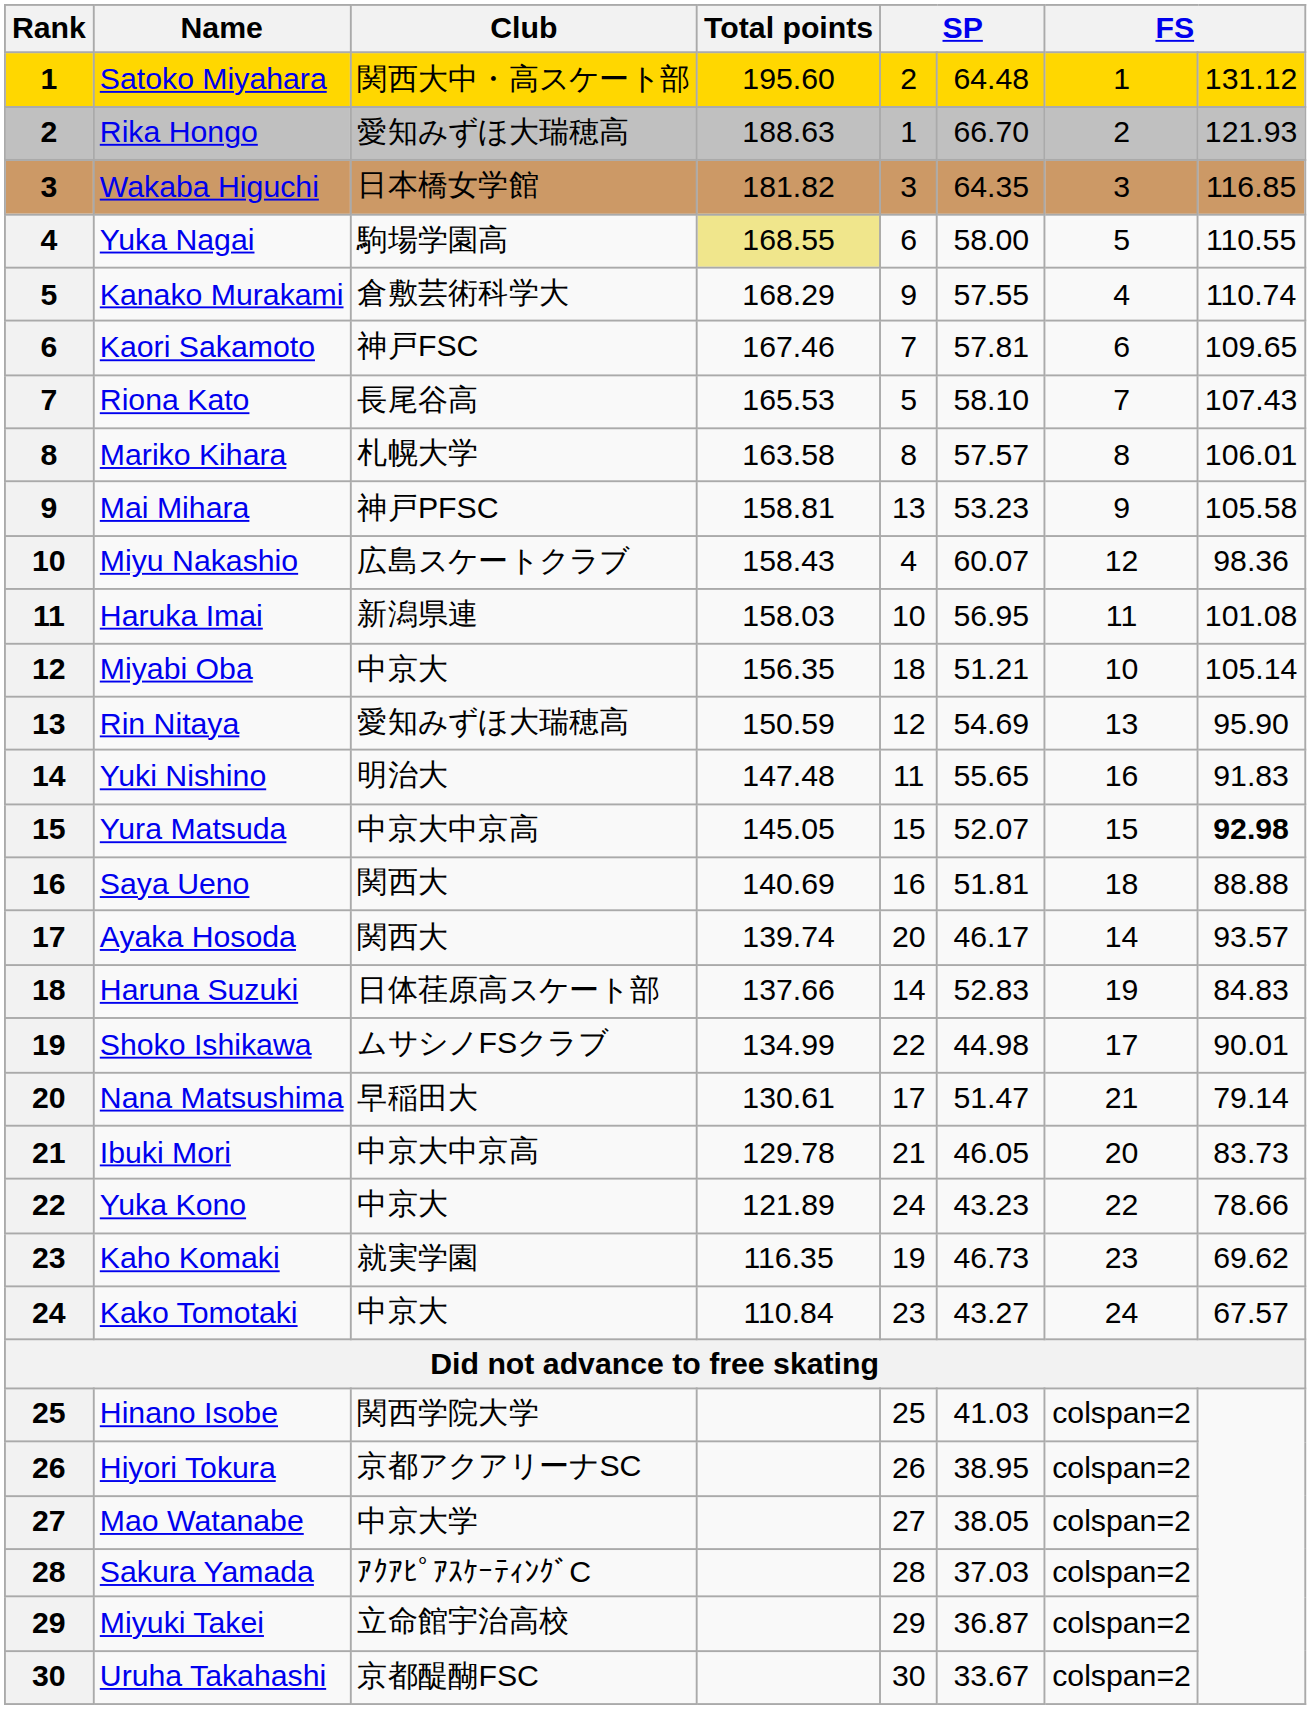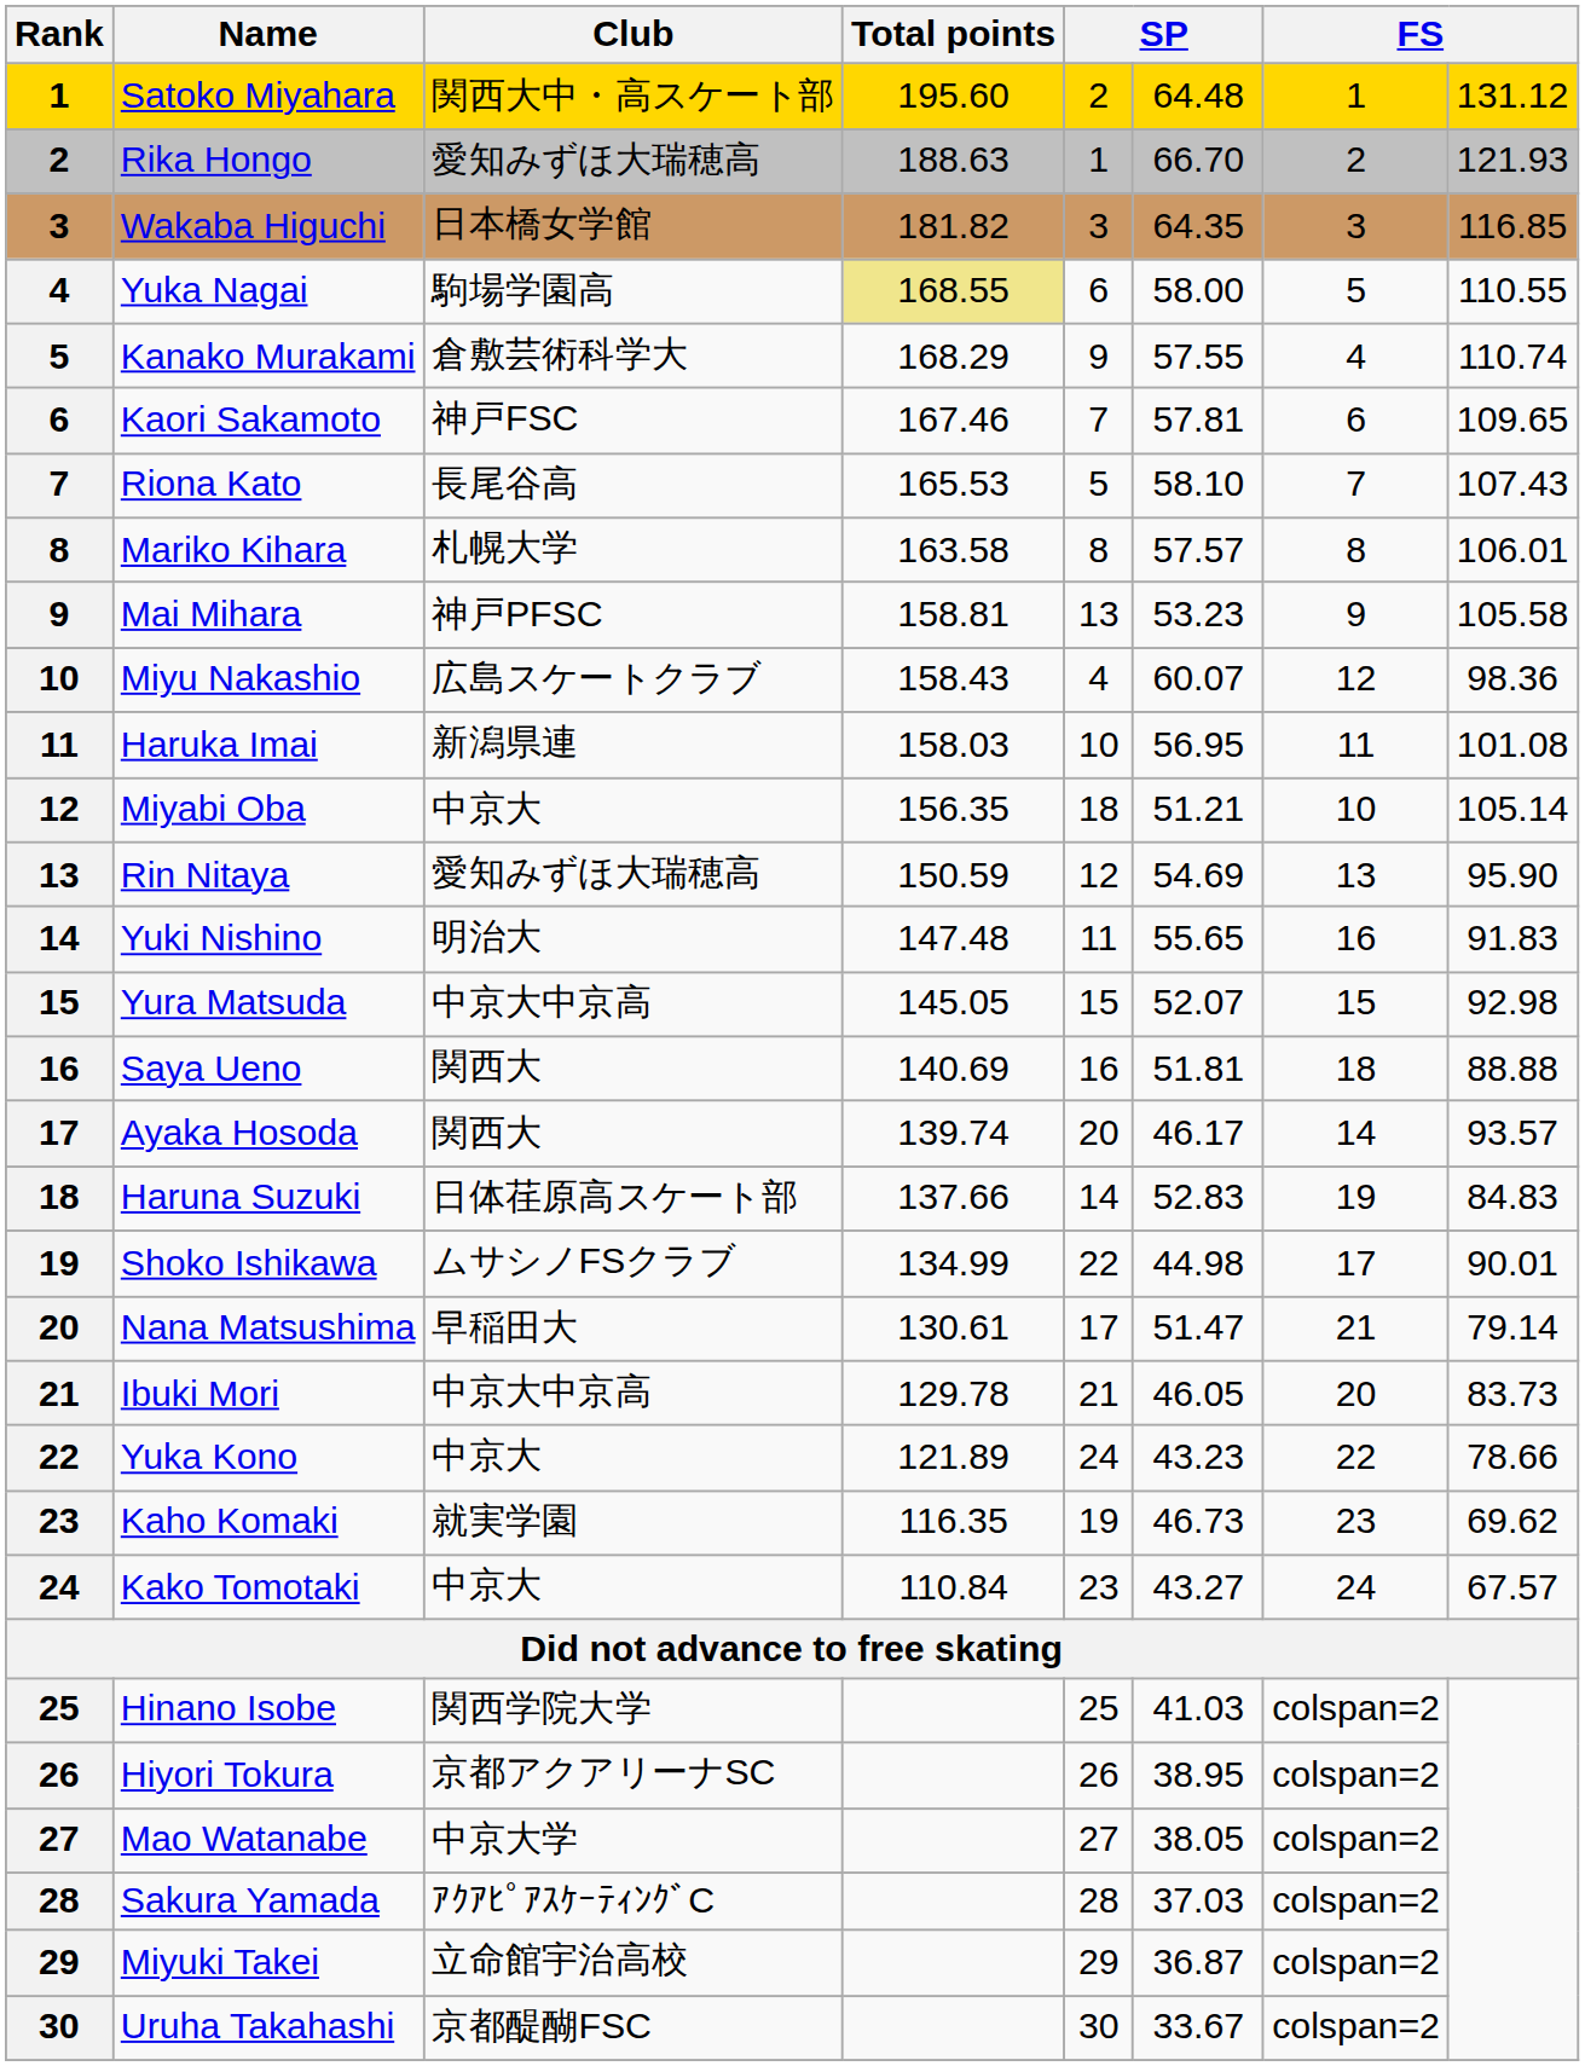 <table class="wikitable sortable">
 <tr>
 <th>Rank</th>
 <th>Name</th>
 <th>Club</th>
 <th>Total points</th>
 <th colspan="2" width="80px"><a href='#'>SP</a></th>
 <th colspan="2" width="80px"><a href='#'>FS</a></th>
 </tr>
 <tr bgcolor="gold">
 <td align="center"><strong>1</strong></td>
 <td><a href='#'>Satoko Miyahara</a></td>
 <td>関西大中・高スケート部</td>
 <td align="center">195.60</td>
 <td align="center">2</td>
 <td align="center">64.48</td>
 <td align="center">1</td>
 <td align="center">131.12</td>
 </tr>
 <tr bgcolor="silver">
 <td align="center"><strong>2</strong></td>
 <td><a href='#'>Rika Hongo</a></td>
 <td>愛知みずほ大瑞穂高</td>
 <td align="center">188.63</td>
 <td align="center">1</td>
 <td align="center">66.70</td>
 <td align="center">2</td>
 <td align="center">121.93</td>
 </tr>
 <tr bgcolor="cc9966">
 <td align="center"><strong>3</strong></td>
 <td><a href='#'>Wakaba Higuchi</a></td>
 <td>日本橋女学館</td>
 <td align="center">181.82</td>
 <td align="center">3</td>
 <td align="center">64.35</td>
 <td align="center">3</td>
 <td align="center">116.85</td>
 </tr>
 <tr>
 <th>4</th>
 <td><a href='#'>Yuka Nagai</a></td>
 <td>駒場学園高</td>
 <td align="center" style="background: khaki;">168.55</td>
 <td align="center">6</td>
 <td align="center">58.00</td>
 <td align="center">5</td>
 <td align="center">110.55</td>
 </tr>
 <tr>
 <th>5</th>
 <td><a href='#'>Kanako Murakami</a></td>
 <td>倉敷芸術科学大</td>
 <td align="center">168.29</td>
 <td align="center">9</td>
 <td align="center">57.55</td>
 <td align="center">4</td>
 <td align="center">110.74</td>
 </tr>
 <tr>
 <th>6</th>
 <td><a href='#'>Kaori Sakamoto</a></td>
 <td>神戸FSC</td>
 <td align="center">167.46</td>
 <td align="center">7</td>
 <td align="center">57.81</td>
 <td align="center">6</td>
 <td align="center">109.65</td>
 </tr>
 <tr>
 <th>7</th>
 <td><a href='#'>Riona Kato</a></td>
 <td>長尾谷高</td>
 <td align="center">165.53</td>
 <td align="center">5</td>
 <td align="center">58.10</td>
 <td align="center">7</td>
 <td align="center">107.43</td>
 </tr>
 <tr>
 <th>8</th>
 <td><a href='#'>Mariko Kihara</a></td>
 <td>札幌大学</td>
 <td align="center">163.58</td>
 <td align="center">8</td>
 <td align="center">57.57</td>
 <td align="center">8</td>
 <td align="center">106.01</td>
 </tr>
 <tr>
 <th>9</th>
 <td><a href='#'>Mai Mihara</a></td>
 <td>神戸PFSC</td>
 <td align="center">158.81</td>
 <td align="center">13</td>
 <td align="center">53.23</td>
 <td align="center">9</td>
 <td align="center">105.58</td>
 </tr>
 <tr>
 <th>10</th>
 <td><a href='#'>Miyu Nakashio</a></td>
 <td>広島スケートクラブ</td>
 <td align="center">158.43</td>
 <td align="center">4</td>
 <td align="center">60.07</td>
 <td align="center">12</td>
 <td align="center">98.36</td>
 </tr>
 <tr>
 <th>11</th>
 <td><a href='#'>Haruka Imai</a></td>
 <td>新潟県連</td>
 <td align="center">158.03</td>
 <td align="center">10</td>
 <td align="center">56.95</td>
 <td align="center">11</td>
 <td align="center">101.08</td>
 </tr>
 <tr>
 <th>12</th>
 <td><a href='#'>Miyabi Oba</a></td>
 <td>中京大</td>
 <td align="center">156.35</td>
 <td align="center">18</td>
 <td align="center">51.21</td>
 <td align="center">10</td>
 <td align="center">105.14</td>
 </tr>
 <tr>
 <th>13</th>
 <td><a href='#'>Rin Nitaya</a></td>
 <td>愛知みずほ大瑞穂高</td>
 <td align="center">150.59</td>
 <td align="center">12</td>
 <td align="center">54.69</td>
 <td align="center">13</td>
 <td align="center">95.90</td>
 </tr>
 <tr>
 <th>14</th>
 <td><a href='#'>Yuki Nishino</a></td>
 <td>明治大</td>
 <td align="center">147.48</td>
 <td align="center">11</td>
 <td align="center">55.65</td>
 <td align="center">16</td>
 <td align="center">91.83</td>
 </tr>
 <tr>
 <th>15</th>
 <td><a href='#'>Yura Matsuda</a></td>
 <td>中京大中京高</td>
 <td align="center">145.05</td>
 <td align="center">15</td>
 <td align="center">52.07</td>
 <td align="center">15</td>
-<td align="center"><strong>92.98</strong></td>
+<td align="center">92.98</td>
 </tr>
 <tr>
 <th>16</th>
 <td><a href='#'>Saya Ueno</a></td>
 <td>関西大</td>
 <td align="center">140.69</td>
 <td align="center">16</td>
 <td align="center">51.81</td>
 <td align="center">18</td>
 <td align="center">88.88</td>
 </tr>
 <tr>
 <th>17</th>
 <td><a href='#'>Ayaka Hosoda</a></td>
 <td>関西大</td>
 <td align="center">139.74</td>
 <td align="center">20</td>
 <td align="center">46.17</td>
 <td align="center">14</td>
 <td align="center">93.57</td>
 </tr>
 <tr>
 <th>18</th>
 <td><a href='#'>Haruna Suzuki</a></td>
 <td>日体荏原高スケート部</td>
 <td align="center">137.66</td>
 <td align="center">14</td>
 <td align="center">52.83</td>
 <td align="center">19</td>
 <td align="center">84.83</td>
 </tr>
 <tr>
 <th>19</th>
 <td><a href='#'>Shoko Ishikawa</a></td>
 <td>ムサシノFSクラブ</td>
 <td align="center">134.99</td>
 <td align="center">22</td>
 <td align="center">44.98</td>
 <td align="center">17</td>
 <td align="center">90.01</td>
 </tr>
 <tr>
 <th>20</th>
 <td><a href='#'>Nana Matsushima</a></td>
 <td>早稲田大</td>
 <td align="center">130.61</td>
 <td align="center">17</td>
 <td align="center">51.47</td>
 <td align="center">21</td>
 <td align="center">79.14</td>
 </tr>
 <tr>
 <th>21</th>
 <td><a href='#'>Ibuki Mori</a></td>
 <td>中京大中京高</td>
 <td align="center">129.78</td>
 <td align="center">21</td>
 <td align="center">46.05</td>
 <td align="center">20</td>
 <td align="center">83.73</td>
 </tr>
 <tr>
 <th>22</th>
 <td><a href='#'>Yuka Kono</a></td>
 <td>中京大</td>
 <td align="center">121.89</td>
 <td align="center">24</td>
 <td align="center">43.23</td>
 <td align="center">22</td>
 <td align="center">78.66</td>
 </tr>
 <tr>
 <th>23</th>
 <td><a href='#'>Kaho Komaki</a></td>
 <td>就実学園</td>
 <td align="center">116.35</td>
 <td align="center">19</td>
 <td align="center">46.73</td>
 <td align="center">23</td>
 <td align="center">69.62</td>
 </tr>
 <tr>
 <th>24</th>
 <td><a href='#'>Kako Tomotaki</a></td>
 <td>中京大</td>
 <td align="center">110.84</td>
 <td align="center">23</td>
 <td align="center">43.27</td>
 <td align="center">24</td>
 <td align="center">67.57</td>
 </tr>
 <tr>
 <th colspan=8>Did not advance to free skating</th>
 </tr>
 <tr>
 <th>25</th>
 <td><a href='#'>Hinano Isobe</a></td>
 <td>関西学院大学</td>
 <td></td>
 <td align="center">25</td>
 <td align="center">41.03</td>
 <td>colspan=2 </td>
 </tr>
 <tr>
 <th>26</th>
 <td><a href='#'>Hiyori Tokura</a></td>
 <td>京都アクアリーナSC</td>
 <td></td>
 <td align="center">26</td>
 <td align="center">38.95</td>
 <td>colspan=2 </td>
 </tr>
 <tr>
 <th>27</th>
 <td><a href='#'>Mao Watanabe</a></td>
 <td>中京大学</td>
 <td></td>
 <td align="center">27</td>
 <td align="center">38.05</td>
 <td>colspan=2 </td>
 </tr>
 <tr>
 <th>28</th>
 <td><a href='#'>Sakura Yamada</a></td>
 <td>ｱｸｱﾋﾟｱｽｹｰﾃｨﾝｸﾞC</td>
 <td></td>
 <td align="center">28</td>
 <td align="center">37.03</td>
 <td>colspan=2 </td>
 </tr>
 <tr>
 <th>29</th>
 <td><a href='#'>Miyuki Takei</a></td>
 <td>立命館宇治高校</td>
 <td></td>
 <td align="center">29</td>
 <td align="center">36.87</td>
 <td>colspan=2 </td>
 </tr>
 <tr>
 <th>30</th>
 <td><a href='#'>Uruha Takahashi</a></td>
 <td>京都醍醐FSC</td>
 <td></td>
 <td align="center">30</td>
 <td align="center">33.67</td>
 <td>colspan=2 </td>
 </tr>
 </table>
